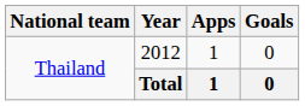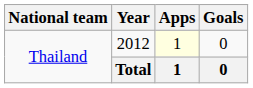 <table class="wikitable" style="text-align:center">
 <tr>
 <th>National team</th>
 <th>Year</th>
 <th>Apps</th>
 <th>Goals</th>
 </tr>
 <tr>
 <td rowspan="5" valign="center"><a href='#'>Thailand</a></td>
 <td>2012</td>
-<td>1</td>
+<td style="background: lightyellow;">1</td>
 <td>0</td>
 </tr>
 <tr>
 <th>Total</th>
 <th>1</th>
 <th>0</th>
 </tr>
 </table>
